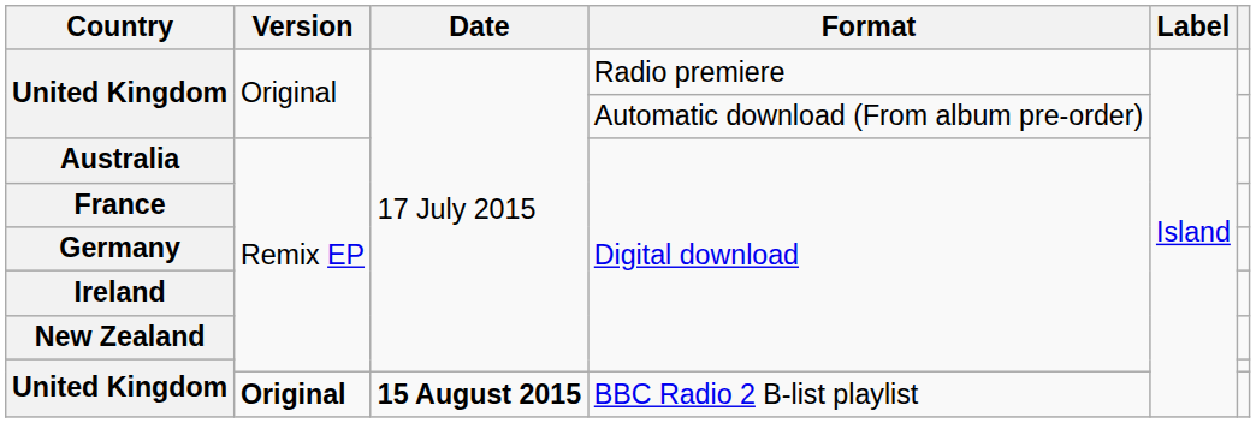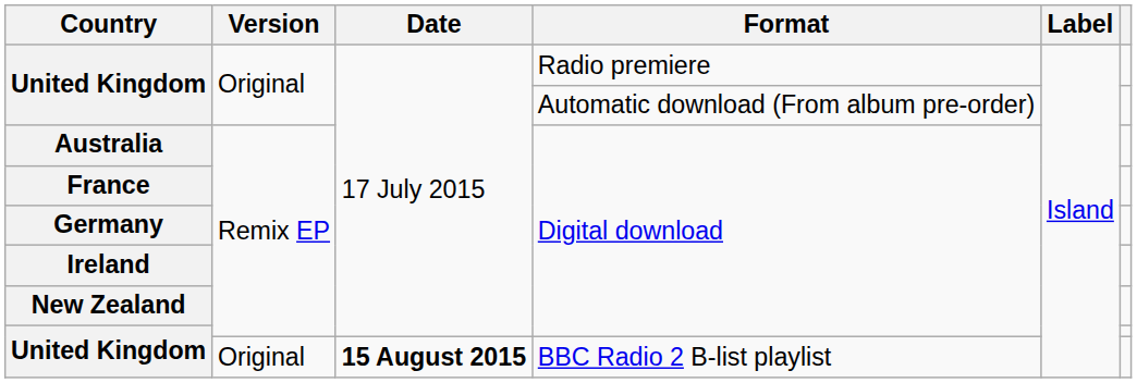 <table class="wikitable plainrowheaders">
 <tr>
 <th scope="col">Country</th>
 <th scope="col">Version</th>
 <th scope="col">Date</th>
 <th scope="col">Format</th>
 <th scope="col">Label</th>
 <th scope="col"></th>
 </tr>
 <tr>
 <th scope="row" rowspan="2">United Kingdom</th>
 <td rowspan="2">Original</td>
 <td rowspan="8">17 July 2015</td>
 <td>Radio premiere</td>
 <td rowspan="9"><a href='#'>Island</a></td>
 <td></td>
 </tr>
 <tr>
 <td>Automatic download (From album pre-order)</td>
 <td></td>
 </tr>
 <tr>
 <th scope="row">Australia</th>
 <td rowspan="6">Remix <a href='#'>EP</a></td>
 <td rowspan="6"><a href='#'>Digital download</a></td>
 <td></td>
 </tr>
 <tr>
 <th scope="row">France</th>
 <td></td>
 </tr>
 <tr>
 <th scope="row">Germany</th>
 <td></td>
 </tr>
 <tr>
 <th scope="row">Ireland</th>
 <td></td>
 </tr>
 <tr>
 <th scope="row">New Zealand</th>
 <td></td>
 </tr>
 <tr>
 <th scope="row" rowspan="2">United Kingdom</th>
 <td></td>
 </tr>
 <tr>
-<td><strong>Original</strong></td>
+<td>Original</td>
 <td><strong>15 August 2015</strong></td>
 <td><a href='#'>BBC Radio 2</a> B-list playlist</td>
 <td></td>
 </tr>
 </table>
